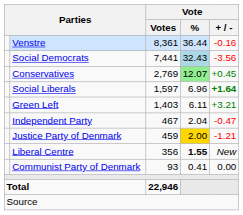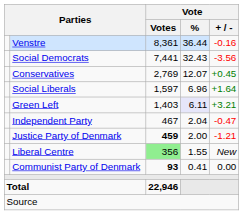 <table class="wikitable" style="text-align:right;">
 <tr>
 <th style="text-align:centre;" rowspan="2" colspan="2" width="225">Parties</th>
 <th colspan="3">Vote</th>
 </tr>
 <tr>
 <th width="15">Votes</th>
 <th width="15">%</th>
 <th width="15">+ / -</th>
 </tr>
 <tr>
 <td width="2" style="color:inherit;background:"></td>
 <td bgcolor=#cfe5fe  align="left"><a href='#'>Venstre</a></td>
 <td bgcolor=#cfe5fe>8,361</td>
 <td bgcolor=#cfe5fe>36.44</td>
 <td style=color:red;>-0.16</td>
 </tr>
 <tr>
 <td width="2" style="color:inherit;background:"></td>
 <td align="left"><a href='#'>Social Democrats</a></td>
 <td>7,441</td>
-<td style="background: lightblue;">32.43</td>
+<td>32.43</td>
 <td style=color:red;>-3.56</td>
 </tr>
 <tr>
 <td width="2" style="color:inherit;background:"></td>
 <td align="left"><a href='#'>Conservatives</a></td>
 <td>2,769</td>
-<td style="background: lightgreen;">12.07</td>
+<td>12.07</td>
 <td style=color:green;>+0.45</td>
 </tr>
 <tr>
 <td width="2" style="color:inherit;background:"></td>
 <td align="left"><a href='#'>Social Liberals</a></td>
 <td>1,597</td>
 <td>6.96</td>
-<td style=color:green;><strong>+1.64</strong></td>
+<td style=color:green;>+1.64</td>
 </tr>
 <tr>
 <td width="2" style="color:inherit;background:"></td>
 <td align="left"><a href='#'>Green Left</a></td>
 <td>1,403</td>
-<td>6.11</td>
+<td style="background: lavender;">6.11</td>
 <td style=color:green;>+3.21</td>
 </tr>
 <tr>
 <td width="2" style="color:inherit;background:"></td>
 <td align="left"><a href='#'>Independent Party</a></td>
 <td>467</td>
 <td>2.04</td>
 <td style=color:red;>-0.47</td>
 </tr>
 <tr>
 <td width="2" style="color:inherit;background:"></td>
 <td align="left"><a href='#'>Justice Party of Denmark</a></td>
-<td>459</td>
-<td style="background: gold;">2.00</td>
+<td><strong>459</strong></td>
+<td>2.00</td>
 <td style=color:red;>-1.21</td>
 </tr>
 <tr>
 <td width="2" style="color:inherit;background:"></td>
 <td align="left"><a href='#'>Liberal Centre</a></td>
-<td>356</td>
-<td><strong>1.55</strong></td>
+<td style="background: lightgreen;">356</td>
+<td>1.55</td>
 <td><em>New</em></td>
 </tr>
 <tr>
 <td width="2" style="color:inherit;background:"></td>
 <td align="left"><a href='#'>Communist Party of Denmark</a></td>
-<td>93</td>
+<td><strong>93</strong></td>
 <td>0.41</td>
 <td>0.00</td>
 </tr>
 <tr>
 <td colspan="7" bgcolor="#E9E9E9"></td>
 </tr>
 <tr>
 <td align="left" colspan="2"><strong>Total</strong></td>
 <td><strong>22,946</strong></td>
 <td bgcolor="#E9E9E9" colspan="2"></td>
 </tr>
 <tr>
 <td align="left" colspan="6">Source</td>
 </tr>
 </table>
